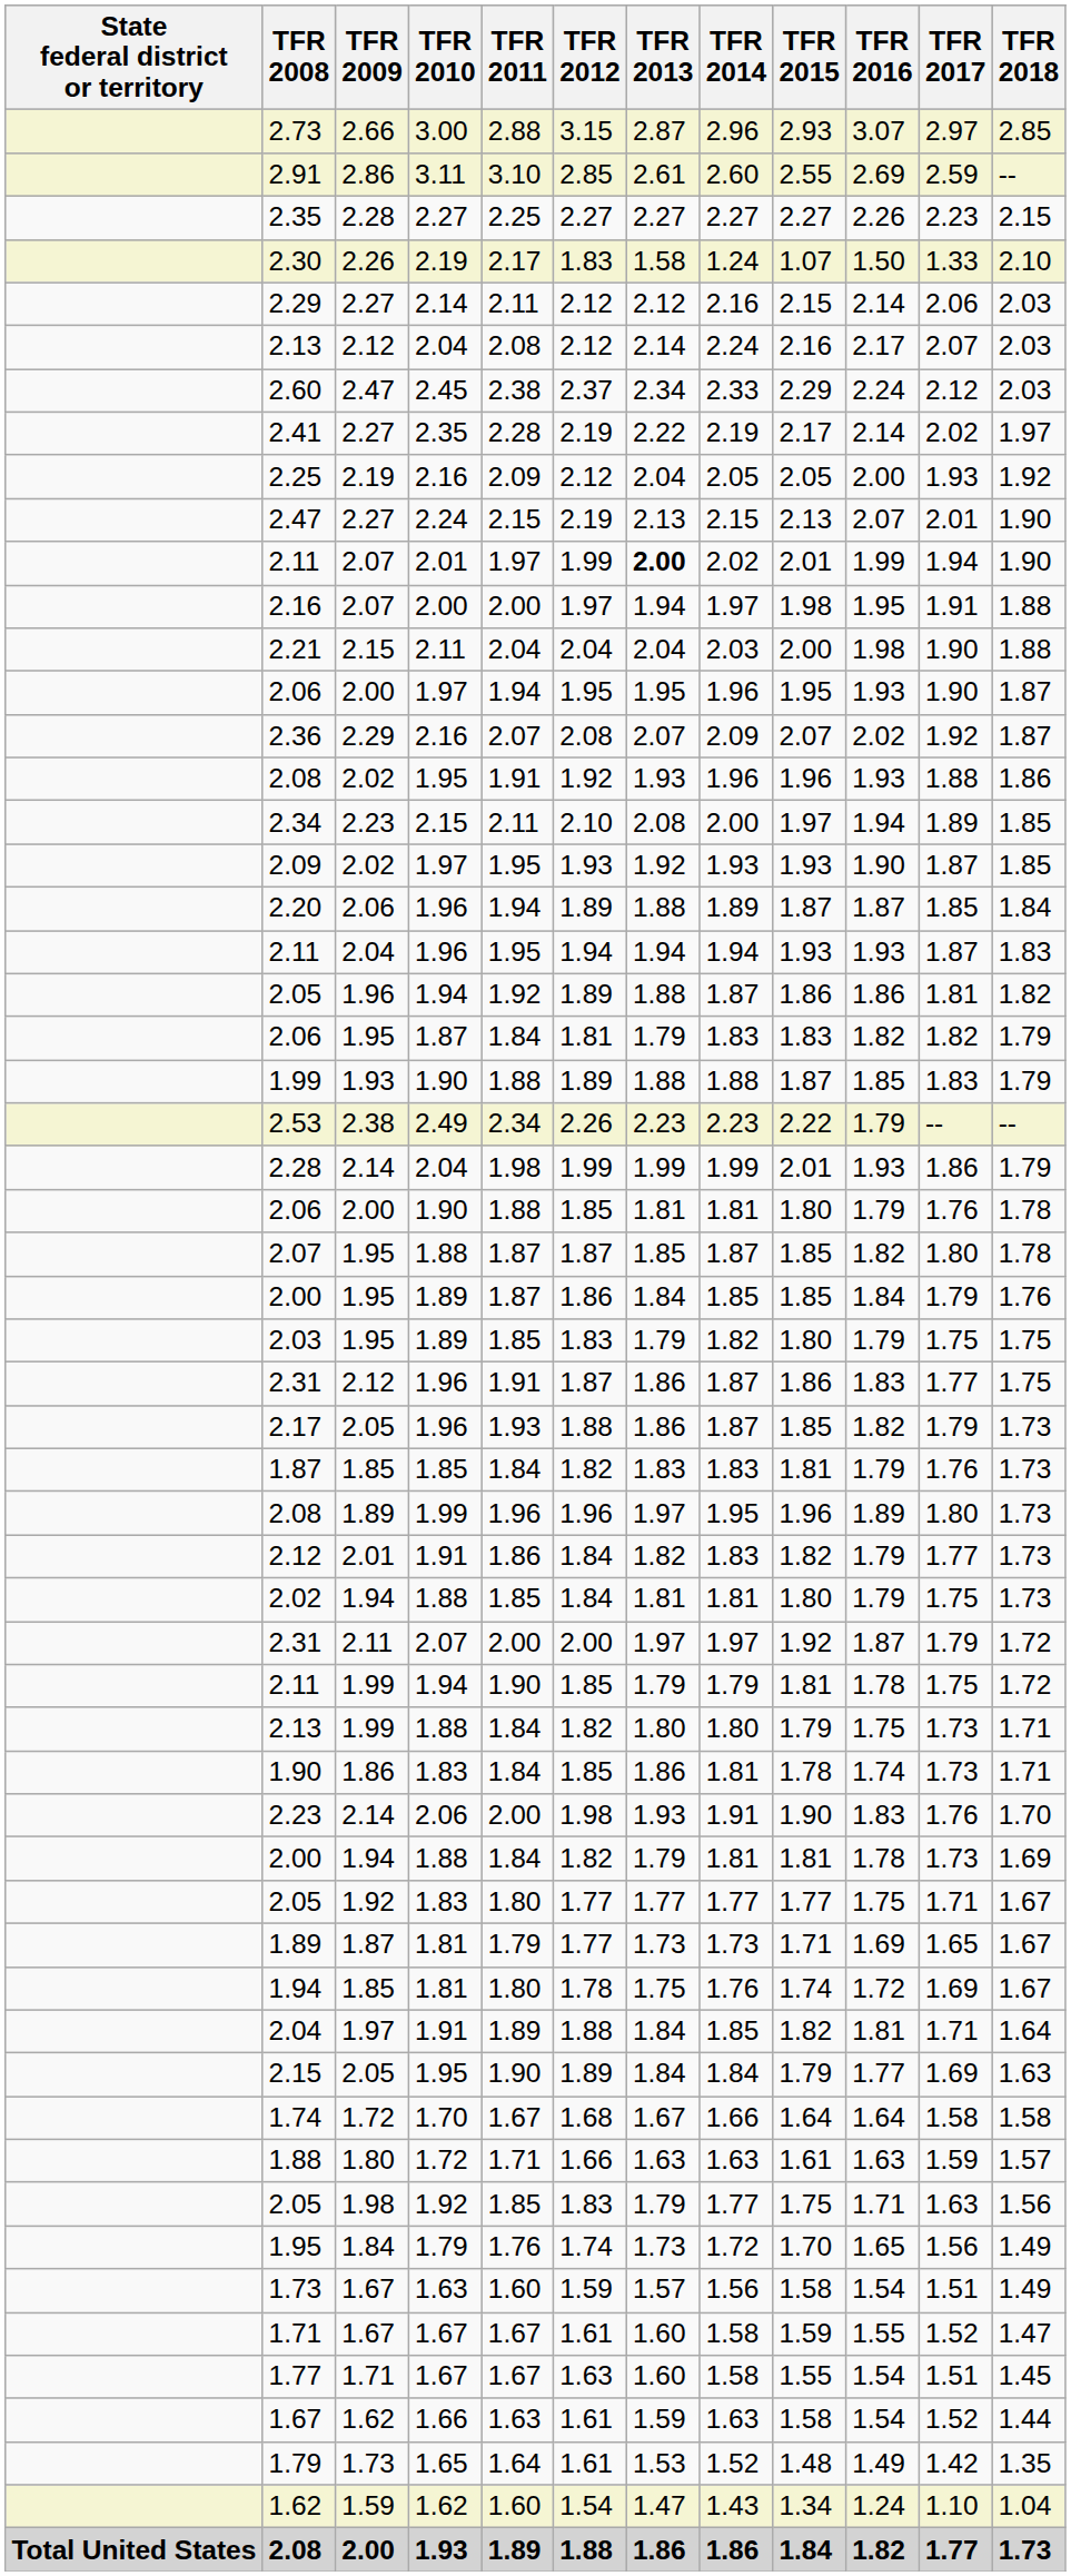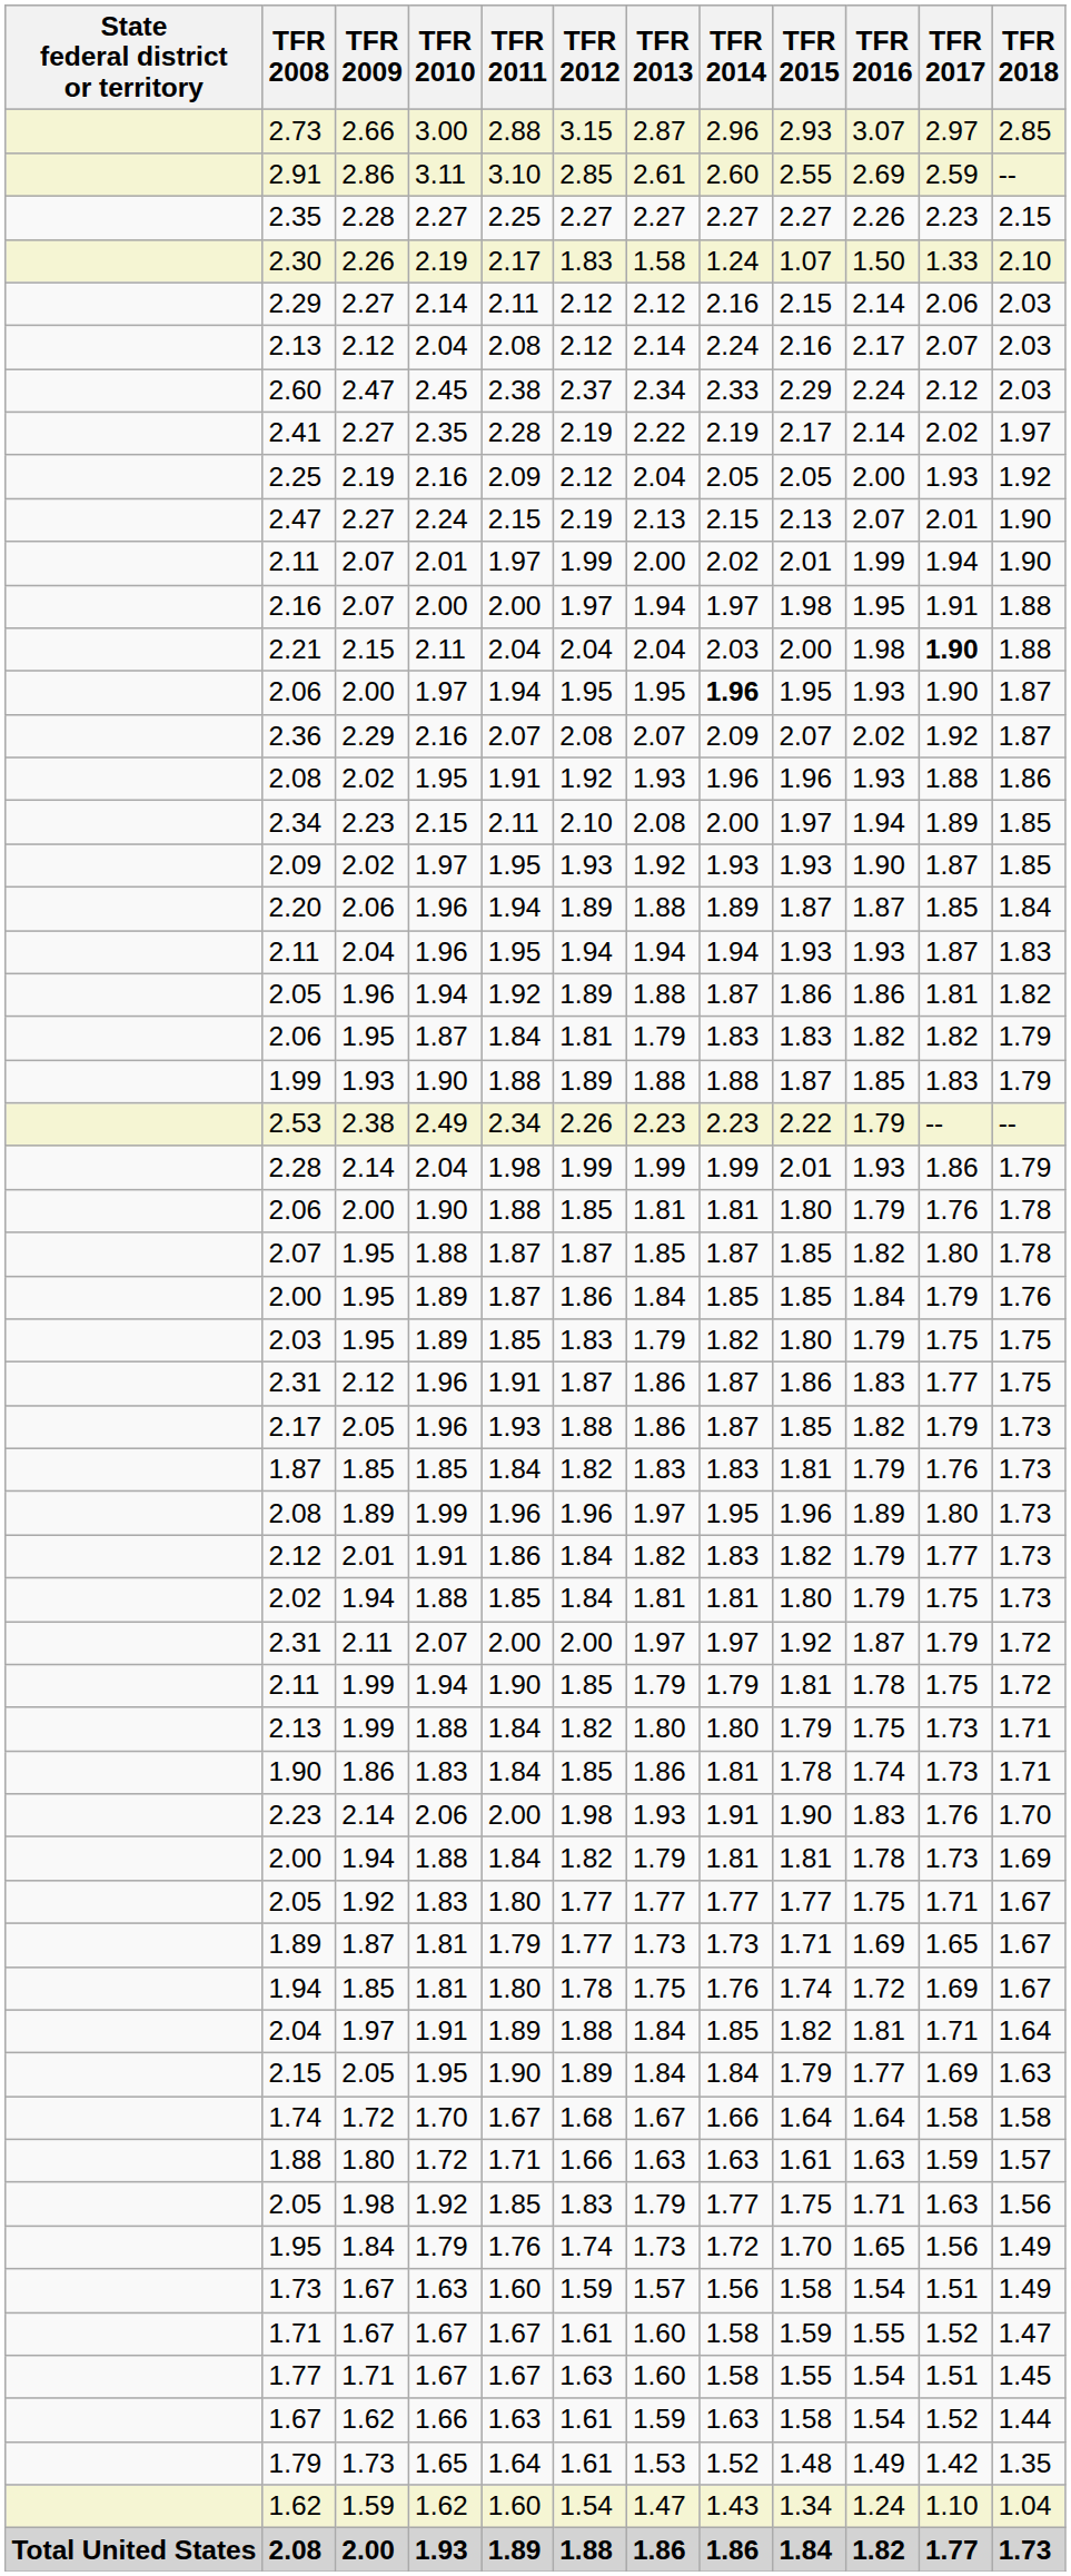 <table class="wikitable sortable">
 <tr bgcolor="#CCCCCC">
 <th>State<br>federal district<br> or territory<br></th>
 <th>TFR<br>2008</th>
 <th>TFR<br>2009</th>
 <th>TFR<br>2010</th>
 <th>TFR<br>2011</th>
 <th>TFR<br>2012</th>
 <th>TFR<br>2013</th>
 <th>TFR<br>2014</th>
 <th>TFR<br>2015</th>
 <th>TFR<br>2016</th>
 <th>TFR<br>2017</th>
 <th>TFR<br>2018</th>
 </tr>
 <tr bgcolor="#f5f5d3">
 <td><em></em></td>
 <td>2.73</td>
 <td>2.66</td>
 <td>3.00</td>
 <td>2.88</td>
 <td>3.15</td>
 <td>2.87</td>
 <td>2.96</td>
 <td>2.93</td>
 <td>3.07</td>
 <td>2.97</td>
 <td>2.85</td>
 </tr>
 <tr bgcolor="#f5f5d3">
 <td><em></em></td>
 <td>2.91</td>
 <td>2.86</td>
 <td>3.11</td>
 <td>3.10</td>
 <td>2.85</td>
 <td>2.61</td>
 <td>2.60</td>
 <td>2.55</td>
 <td>2.69</td>
 <td>2.59</td>
 <td>--</td>
 </tr>
 <tr>
 <td></td>
 <td>2.35</td>
 <td>2.28</td>
 <td>2.27</td>
 <td>2.25</td>
 <td>2.27</td>
 <td>2.27</td>
 <td>2.27</td>
 <td>2.27</td>
 <td>2.26</td>
 <td>2.23</td>
 <td>2.15</td>
 </tr>
 <tr bgcolor="#f5f5d3">
 <td><em></em></td>
 <td>2.30</td>
 <td>2.26</td>
 <td>2.19</td>
 <td>2.17</td>
 <td>1.83</td>
 <td>1.58</td>
 <td>1.24</td>
 <td>1.07</td>
 <td>1.50</td>
 <td>1.33</td>
 <td>2.10</td>
 </tr>
 <tr>
 <td></td>
 <td>2.29</td>
 <td>2.27</td>
 <td>2.14</td>
 <td>2.11</td>
 <td>2.12</td>
 <td>2.12</td>
 <td>2.16</td>
 <td>2.15</td>
 <td>2.14</td>
 <td>2.06</td>
 <td>2.03</td>
 </tr>
 <tr>
 <td></td>
 <td>2.13</td>
 <td>2.12</td>
 <td>2.04</td>
 <td>2.08</td>
 <td>2.12</td>
 <td>2.14</td>
 <td>2.24</td>
 <td>2.16</td>
 <td>2.17</td>
 <td>2.07</td>
 <td>2.03</td>
 </tr>
 <tr>
 <td></td>
 <td>2.60</td>
 <td>2.47</td>
 <td>2.45</td>
 <td>2.38</td>
 <td>2.37</td>
 <td>2.34</td>
 <td>2.33</td>
 <td>2.29</td>
 <td>2.24</td>
 <td>2.12</td>
 <td>2.03</td>
 </tr>
 <tr>
 <td></td>
 <td>2.41</td>
 <td>2.27</td>
 <td>2.35</td>
 <td>2.28</td>
 <td>2.19</td>
 <td>2.22</td>
 <td>2.19</td>
 <td>2.17</td>
 <td>2.14</td>
 <td>2.02</td>
 <td>1.97</td>
 </tr>
 <tr>
 <td></td>
 <td>2.25</td>
 <td>2.19</td>
 <td>2.16</td>
 <td>2.09</td>
 <td>2.12</td>
 <td>2.04</td>
 <td>2.05</td>
 <td>2.05</td>
 <td>2.00</td>
 <td>1.93</td>
 <td>1.92</td>
 </tr>
 <tr>
 <td></td>
 <td>2.47</td>
 <td>2.27</td>
 <td>2.24</td>
 <td>2.15</td>
 <td>2.19</td>
 <td>2.13</td>
 <td>2.15</td>
 <td>2.13</td>
 <td>2.07</td>
 <td>2.01</td>
 <td>1.90</td>
 </tr>
 <tr>
 <td></td>
 <td>2.11</td>
 <td>2.07</td>
 <td>2.01</td>
 <td>1.97</td>
 <td>1.99</td>
-<td><strong>2.00</strong></td>
+<td>2.00</td>
 <td>2.02</td>
 <td>2.01</td>
 <td>1.99</td>
 <td>1.94</td>
 <td>1.90</td>
 </tr>
 <tr>
 <td></td>
 <td>2.16</td>
 <td>2.07</td>
 <td>2.00</td>
 <td>2.00</td>
 <td>1.97</td>
 <td>1.94</td>
 <td>1.97</td>
 <td>1.98</td>
 <td>1.95</td>
 <td>1.91</td>
 <td>1.88</td>
 </tr>
 <tr>
 <td></td>
 <td>2.21</td>
 <td>2.15</td>
 <td>2.11</td>
 <td>2.04</td>
 <td>2.04</td>
 <td>2.04</td>
 <td>2.03</td>
 <td>2.00</td>
 <td>1.98</td>
-<td>1.90</td>
+<td><strong>1.90</strong></td>
 <td>1.88</td>
 </tr>
 <tr>
 <td></td>
 <td>2.06</td>
 <td>2.00</td>
 <td>1.97</td>
 <td>1.94</td>
 <td>1.95</td>
 <td>1.95</td>
-<td>1.96</td>
+<td><strong>1.96</strong></td>
 <td>1.95</td>
 <td>1.93</td>
 <td>1.90</td>
 <td>1.87</td>
 </tr>
 <tr>
 <td></td>
 <td>2.36</td>
 <td>2.29</td>
 <td>2.16</td>
 <td>2.07</td>
 <td>2.08</td>
 <td>2.07</td>
 <td>2.09</td>
 <td>2.07</td>
 <td>2.02</td>
 <td>1.92</td>
 <td>1.87</td>
 </tr>
 <tr>
 <td></td>
 <td>2.08</td>
 <td>2.02</td>
 <td>1.95</td>
 <td>1.91</td>
 <td>1.92</td>
 <td>1.93</td>
 <td>1.96</td>
 <td>1.96</td>
 <td>1.93</td>
 <td>1.88</td>
 <td>1.86</td>
 </tr>
 <tr>
 <td></td>
 <td>2.34</td>
 <td>2.23</td>
 <td>2.15</td>
 <td>2.11</td>
 <td>2.10</td>
 <td>2.08</td>
 <td>2.00</td>
 <td>1.97</td>
 <td>1.94</td>
 <td>1.89</td>
 <td>1.85</td>
 </tr>
 <tr>
 <td></td>
 <td>2.09</td>
 <td>2.02</td>
 <td>1.97</td>
 <td>1.95</td>
 <td>1.93</td>
 <td>1.92</td>
 <td>1.93</td>
 <td>1.93</td>
 <td>1.90</td>
 <td>1.87</td>
 <td>1.85</td>
 </tr>
 <tr>
 <td></td>
 <td>2.20</td>
 <td>2.06</td>
 <td>1.96</td>
 <td>1.94</td>
 <td>1.89</td>
 <td>1.88</td>
 <td>1.89</td>
 <td>1.87</td>
 <td>1.87</td>
 <td>1.85</td>
 <td>1.84</td>
 </tr>
 <tr>
 <td></td>
 <td>2.11</td>
 <td>2.04</td>
 <td>1.96</td>
 <td>1.95</td>
 <td>1.94</td>
 <td>1.94</td>
 <td>1.94</td>
 <td>1.93</td>
 <td>1.93</td>
 <td>1.87</td>
 <td>1.83</td>
 </tr>
 <tr>
 <td></td>
 <td>2.05</td>
 <td>1.96</td>
 <td>1.94</td>
 <td>1.92</td>
 <td>1.89</td>
 <td>1.88</td>
 <td>1.87</td>
 <td>1.86</td>
 <td>1.86</td>
 <td>1.81</td>
 <td>1.82</td>
 </tr>
 <tr>
 <td></td>
 <td>2.06</td>
 <td>1.95</td>
 <td>1.87</td>
 <td>1.84</td>
 <td>1.81</td>
 <td>1.79</td>
 <td>1.83</td>
 <td>1.83</td>
 <td>1.82</td>
 <td>1.82</td>
 <td>1.79</td>
 </tr>
 <tr>
 <td></td>
 <td>1.99</td>
 <td>1.93</td>
 <td>1.90</td>
 <td>1.88</td>
 <td>1.89</td>
 <td>1.88</td>
 <td>1.88</td>
 <td>1.87</td>
 <td>1.85</td>
 <td>1.83</td>
 <td>1.79</td>
 </tr>
 <tr bgcolor="#f5f5d3">
 <td><em></em></td>
 <td>2.53</td>
 <td>2.38</td>
 <td>2.49</td>
 <td>2.34</td>
 <td>2.26</td>
 <td>2.23</td>
 <td>2.23</td>
 <td>2.22</td>
 <td>1.79</td>
 <td>--</td>
 <td>--</td>
 </tr>
 <tr>
 <td></td>
 <td>2.28</td>
 <td>2.14</td>
 <td>2.04</td>
 <td>1.98</td>
 <td>1.99</td>
 <td>1.99</td>
 <td>1.99</td>
 <td>2.01</td>
 <td>1.93</td>
 <td>1.86</td>
 <td>1.79</td>
 </tr>
 <tr>
 <td></td>
 <td>2.06</td>
 <td>2.00</td>
 <td>1.90</td>
 <td>1.88</td>
 <td>1.85</td>
 <td>1.81</td>
 <td>1.81</td>
 <td>1.80</td>
 <td>1.79</td>
 <td>1.76</td>
 <td>1.78</td>
 </tr>
 <tr>
 <td></td>
 <td>2.07</td>
 <td>1.95</td>
 <td>1.88</td>
 <td>1.87</td>
 <td>1.87</td>
 <td>1.85</td>
 <td>1.87</td>
 <td>1.85</td>
 <td>1.82</td>
 <td>1.80</td>
 <td>1.78</td>
 </tr>
 <tr>
 <td></td>
 <td>2.00</td>
 <td>1.95</td>
 <td>1.89</td>
 <td>1.87</td>
 <td>1.86</td>
 <td>1.84</td>
 <td>1.85</td>
 <td>1.85</td>
 <td>1.84</td>
 <td>1.79</td>
 <td>1.76</td>
 </tr>
 <tr>
 <td></td>
 <td>2.03</td>
 <td>1.95</td>
 <td>1.89</td>
 <td>1.85</td>
 <td>1.83</td>
 <td>1.79</td>
 <td>1.82</td>
 <td>1.80</td>
 <td>1.79</td>
 <td>1.75</td>
 <td>1.75</td>
 </tr>
 <tr>
 <td></td>
 <td>2.31</td>
 <td>2.12</td>
 <td>1.96</td>
 <td>1.91</td>
 <td>1.87</td>
 <td>1.86</td>
 <td>1.87</td>
 <td>1.86</td>
 <td>1.83</td>
 <td>1.77</td>
 <td>1.75</td>
 </tr>
 <tr>
 <td></td>
 <td>2.17</td>
 <td>2.05</td>
 <td>1.96</td>
 <td>1.93</td>
 <td>1.88</td>
 <td>1.86</td>
 <td>1.87</td>
 <td>1.85</td>
 <td>1.82</td>
 <td>1.79</td>
 <td>1.73</td>
 </tr>
 <tr>
 <td></td>
 <td>1.87</td>
 <td>1.85</td>
 <td>1.85</td>
 <td>1.84</td>
 <td>1.82</td>
 <td>1.83</td>
 <td>1.83</td>
 <td>1.81</td>
 <td>1.79</td>
 <td>1.76</td>
 <td>1.73</td>
 </tr>
 <tr>
 <td></td>
 <td>2.08</td>
 <td>1.89</td>
 <td>1.99</td>
 <td>1.96</td>
 <td>1.96</td>
 <td>1.97</td>
 <td>1.95</td>
 <td>1.96</td>
 <td>1.89</td>
 <td>1.80</td>
 <td>1.73</td>
 </tr>
 <tr>
 <td></td>
 <td>2.12</td>
 <td>2.01</td>
 <td>1.91</td>
 <td>1.86</td>
 <td>1.84</td>
 <td>1.82</td>
 <td>1.83</td>
 <td>1.82</td>
 <td>1.79</td>
 <td>1.77</td>
 <td>1.73</td>
 </tr>
 <tr>
 <td></td>
 <td>2.02</td>
 <td>1.94</td>
 <td>1.88</td>
 <td>1.85</td>
 <td>1.84</td>
 <td>1.81</td>
 <td>1.81</td>
 <td>1.80</td>
 <td>1.79</td>
 <td>1.75</td>
 <td>1.73</td>
 </tr>
 <tr>
 <td></td>
 <td>2.31</td>
 <td>2.11</td>
 <td>2.07</td>
 <td>2.00</td>
 <td>2.00</td>
 <td>1.97</td>
 <td>1.97</td>
 <td>1.92</td>
 <td>1.87</td>
 <td>1.79</td>
 <td>1.72</td>
 </tr>
 <tr>
 <td></td>
 <td>2.11</td>
 <td>1.99</td>
 <td>1.94</td>
 <td>1.90</td>
 <td>1.85</td>
 <td>1.79</td>
 <td>1.79</td>
 <td>1.81</td>
 <td>1.78</td>
 <td>1.75</td>
 <td>1.72</td>
 </tr>
 <tr>
 <td></td>
 <td>2.13</td>
 <td>1.99</td>
 <td>1.88</td>
 <td>1.84</td>
 <td>1.82</td>
 <td>1.80</td>
 <td>1.80</td>
 <td>1.79</td>
 <td>1.75</td>
 <td>1.73</td>
 <td>1.71</td>
 </tr>
 <tr>
 <td></td>
 <td>1.90</td>
 <td>1.86</td>
 <td>1.83</td>
 <td>1.84</td>
 <td>1.85</td>
 <td>1.86</td>
 <td>1.81</td>
 <td>1.78</td>
 <td>1.74</td>
 <td>1.73</td>
 <td>1.71</td>
 </tr>
 <tr>
 <td></td>
 <td>2.23</td>
 <td>2.14</td>
 <td>2.06</td>
 <td>2.00</td>
 <td>1.98</td>
 <td>1.93</td>
 <td>1.91</td>
 <td>1.90</td>
 <td>1.83</td>
 <td>1.76</td>
 <td>1.70</td>
 </tr>
 <tr>
 <td></td>
 <td>2.00</td>
 <td>1.94</td>
 <td>1.88</td>
 <td>1.84</td>
 <td>1.82</td>
 <td>1.79</td>
 <td>1.81</td>
 <td>1.81</td>
 <td>1.78</td>
 <td>1.73</td>
 <td>1.69</td>
 </tr>
 <tr>
 <td></td>
 <td>2.05</td>
 <td>1.92</td>
 <td>1.83</td>
 <td>1.80</td>
 <td>1.77</td>
 <td>1.77</td>
 <td>1.77</td>
 <td>1.77</td>
 <td>1.75</td>
 <td>1.71</td>
 <td>1.67</td>
 </tr>
 <tr>
 <td></td>
 <td>1.89</td>
 <td>1.87</td>
 <td>1.81</td>
 <td>1.79</td>
 <td>1.77</td>
 <td>1.73</td>
 <td>1.73</td>
 <td>1.71</td>
 <td>1.69</td>
 <td>1.65</td>
 <td>1.67</td>
 </tr>
 <tr>
 <td></td>
 <td>1.94</td>
 <td>1.85</td>
 <td>1.81</td>
 <td>1.80</td>
 <td>1.78</td>
 <td>1.75</td>
 <td>1.76</td>
 <td>1.74</td>
 <td>1.72</td>
 <td>1.69</td>
 <td>1.67</td>
 </tr>
 <tr>
 <td></td>
 <td>2.04</td>
 <td>1.97</td>
 <td>1.91</td>
 <td>1.89</td>
 <td>1.88</td>
 <td>1.84</td>
 <td>1.85</td>
 <td>1.82</td>
 <td>1.81</td>
 <td>1.71</td>
 <td>1.64</td>
 </tr>
 <tr>
 <td></td>
 <td>2.15</td>
 <td>2.05</td>
 <td>1.95</td>
 <td>1.90</td>
 <td>1.89</td>
 <td>1.84</td>
 <td>1.84</td>
 <td>1.79</td>
 <td>1.77</td>
 <td>1.69</td>
 <td>1.63</td>
 </tr>
 <tr>
 <td></td>
 <td>1.74</td>
 <td>1.72</td>
 <td>1.70</td>
 <td>1.67</td>
 <td>1.68</td>
 <td>1.67</td>
 <td>1.66</td>
 <td>1.64</td>
 <td>1.64</td>
 <td>1.58</td>
 <td>1.58</td>
 </tr>
 <tr>
 <td></td>
 <td>1.88</td>
 <td>1.80</td>
 <td>1.72</td>
 <td>1.71</td>
 <td>1.66</td>
 <td>1.63</td>
 <td>1.63</td>
 <td>1.61</td>
 <td>1.63</td>
 <td>1.59</td>
 <td>1.57</td>
 </tr>
 <tr>
 <td></td>
 <td>2.05</td>
 <td>1.98</td>
 <td>1.92</td>
 <td>1.85</td>
 <td>1.83</td>
 <td>1.79</td>
 <td>1.77</td>
 <td>1.75</td>
 <td>1.71</td>
 <td>1.63</td>
 <td>1.56</td>
 </tr>
 <tr>
 <td></td>
 <td>1.95</td>
 <td>1.84</td>
 <td>1.79</td>
 <td>1.76</td>
 <td>1.74</td>
 <td>1.73</td>
 <td>1.72</td>
 <td>1.70</td>
 <td>1.65</td>
 <td>1.56</td>
 <td>1.49</td>
 </tr>
 <tr>
 <td></td>
 <td>1.73</td>
 <td>1.67</td>
 <td>1.63</td>
 <td>1.60</td>
 <td>1.59</td>
 <td>1.57</td>
 <td>1.56</td>
 <td>1.58</td>
 <td>1.54</td>
 <td>1.51</td>
 <td>1.49</td>
 </tr>
 <tr>
 <td></td>
 <td>1.71</td>
 <td>1.67</td>
 <td>1.67</td>
 <td>1.67</td>
 <td>1.61</td>
 <td>1.60</td>
 <td>1.58</td>
 <td>1.59</td>
 <td>1.55</td>
 <td>1.52</td>
 <td>1.47</td>
 </tr>
 <tr>
 <td></td>
 <td>1.77</td>
 <td>1.71</td>
 <td>1.67</td>
 <td>1.67</td>
 <td>1.63</td>
 <td>1.60</td>
 <td>1.58</td>
 <td>1.55</td>
 <td>1.54</td>
 <td>1.51</td>
 <td>1.45</td>
 </tr>
 <tr>
 <td></td>
 <td>1.67</td>
 <td>1.62</td>
 <td>1.66</td>
 <td>1.63</td>
 <td>1.61</td>
 <td>1.59</td>
 <td>1.63</td>
 <td>1.58</td>
 <td>1.54</td>
 <td>1.52</td>
 <td>1.44</td>
 </tr>
 <tr>
 <td></td>
 <td>1.79</td>
 <td>1.73</td>
 <td>1.65</td>
 <td>1.64</td>
 <td>1.61</td>
 <td>1.53</td>
 <td>1.52</td>
 <td>1.48</td>
 <td>1.49</td>
 <td>1.42</td>
 <td>1.35</td>
 </tr>
 <tr bgcolor="#f5f5d3">
 <td><em></em></td>
 <td>1.62</td>
 <td>1.59</td>
 <td>1.62</td>
 <td>1.60</td>
 <td>1.54</td>
 <td>1.47</td>
 <td>1.43</td>
 <td>1.34</td>
 <td>1.24</td>
 <td>1.10</td>
 <td>1.04</td>
 </tr>
 <tr bgcolor="lightgrey">
 <td><strong>Total United States</strong></td>
 <td><strong>2.08</strong></td>
 <td><strong>2.00</strong></td>
 <td><strong>1.93</strong></td>
 <td><strong>1.89</strong></td>
 <td><strong>1.88</strong></td>
 <td><strong>1.86</strong></td>
 <td><strong>1.86</strong></td>
 <td><strong>1.84</strong></td>
 <td><strong>1.82</strong></td>
 <td><strong>1.77</strong></td>
 <td><strong>1.73</strong></td>
 </tr>
 </table>
